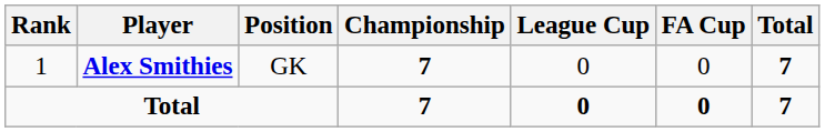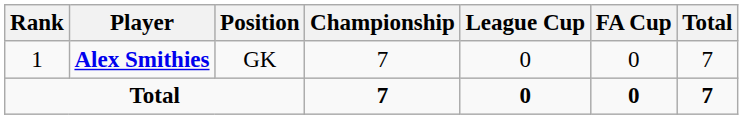 <table class="wikitable">
 <tr>
 <th>Rank</th>
 <th>Player</th>
 <th>Position</th>
 <th>Championship</th>
 <th>League Cup</th>
 <th>FA Cup</th>
 <th>Total</th>
 </tr>
 <tr>
 <td align=center valign=top rowspan=1>1</td>
 <td><strong> <a href='#'>Alex Smithies</a></strong></td>
 <td align=center>GK</td>
-<td align=center><strong>7</strong></td>
+<td align=center>7</td>
 <td align=center>0</td>
 <td align=center>0</td>
-<td align=center><strong>7</strong></td>
+<td align=center>7</td>
 </tr>
 <tr>
 <td align=center colspan=3><strong>Total</strong></td>
 <td align=center><strong>7</strong></td>
 <td align=center><strong>0</strong></td>
 <td align=center><strong>0</strong></td>
 <td align=center><strong>7</strong></td>
 </tr>
 </table>
